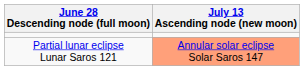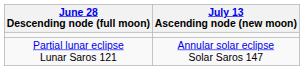 <table class="wikitable">
 <tr>
 <th><a href='#'>June 28</a><br>Descending node (full moon)<br></th>
 <th><a href='#'>July 13</a><br>Ascending node (new moon)<br></th>
 </tr>
 <tr>
 <td></td>
 <td></td>
 </tr>
 <tr align=center>
 <td><a href='#'>Partial lunar eclipse</a><br>Lunar Saros 121</td>
-<td style="background: lightsalmon;"><a href='#'>Annular solar eclipse</a><br>Solar Saros 147</td>
+<td><a href='#'>Annular solar eclipse</a><br>Solar Saros 147</td>
 </tr>
 </table>
